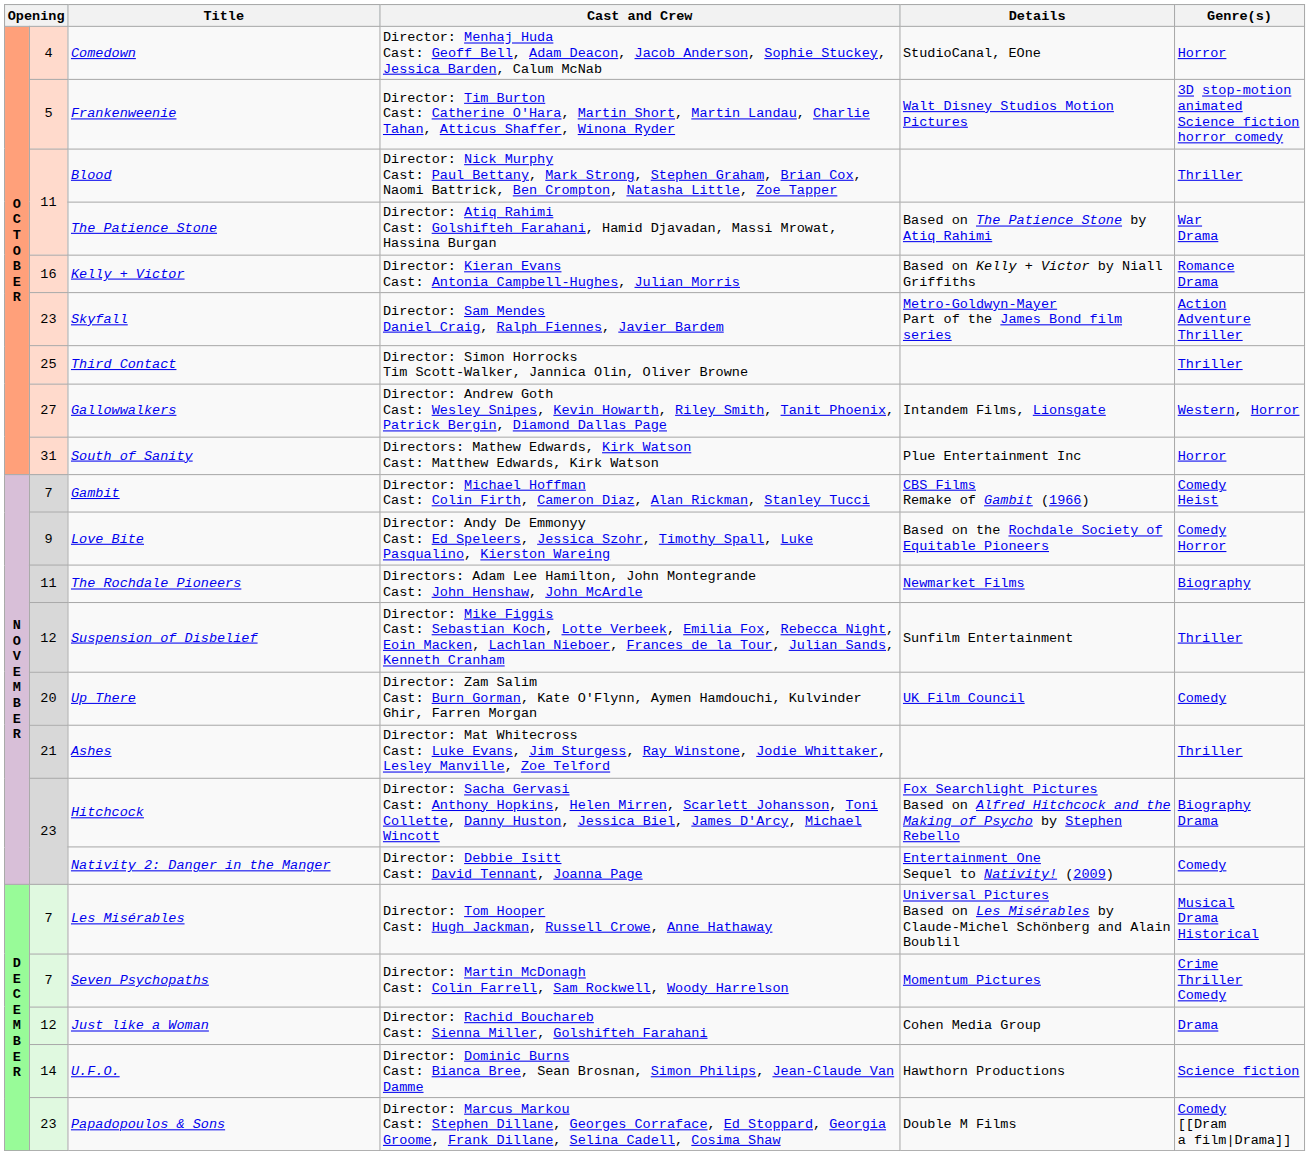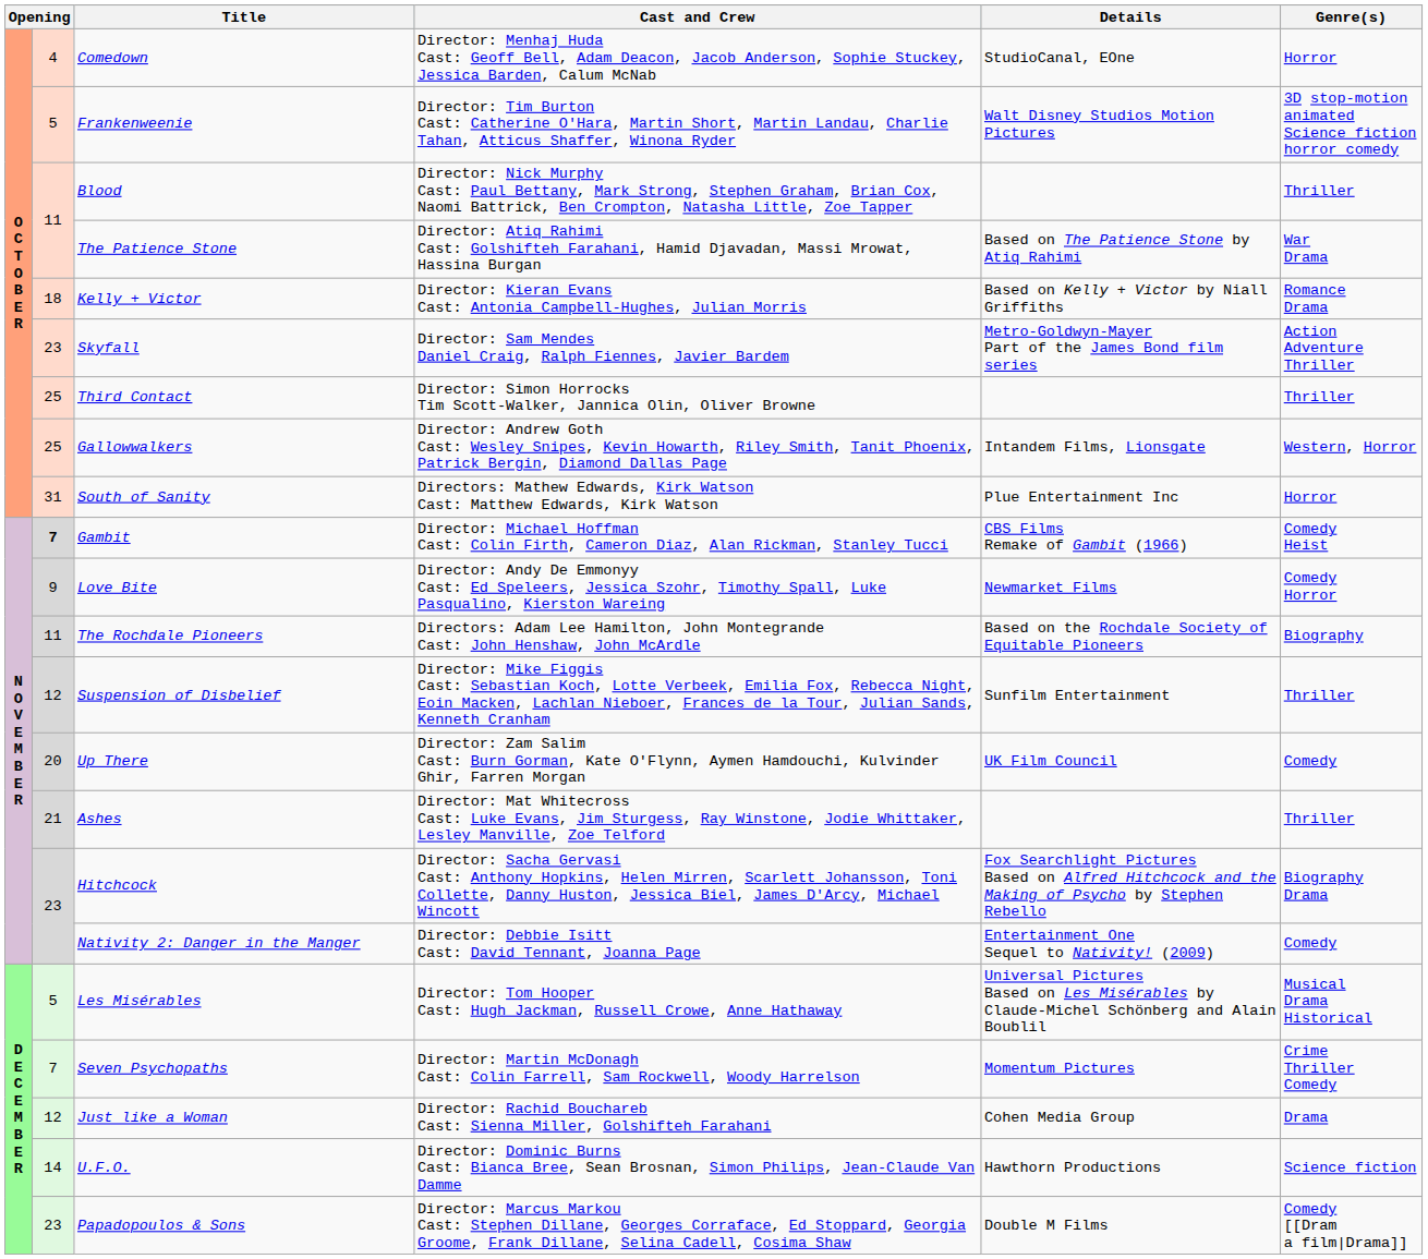 <table class="wikitable sortable plainrowheaders">
 <tr style="background:#b0e0e6; text-align:center;">
 <th colspan="2">Opening</th>
 <th style="width:24%;">Title</th>
 <th style="width:40%;">Cast and Crew</th>
 <th>Details</th>
 <th style="width:10%;">Genre(s)</th>
 </tr>
 <tr>
 <th rowspan="9" style="text-align:center; background:#ffa07a; textcolor:#000;">O <br>C <br>T <br>O <br>B <br>E <br>R</th>
 <td style="text-align:center; background:#ffdacc;">4</td>
 <td><em><a href='#'>Comedown</a></em></td>
 <td>Director: <a href='#'>Menhaj Huda</a>  <br> Cast: <a href='#'>Geoff Bell</a>, <a href='#'>Adam Deacon</a>, <a href='#'>Jacob Anderson</a>, <a href='#'>Sophie Stuckey</a>, <a href='#'>Jessica Barden</a>, Calum McNab</td>
 <td>StudioCanal, EOne</td>
 <td><a href='#'>Horror</a></td>
 </tr>
 <tr>
 <td style="text-align:center; background:#ffdacc;">5</td>
 <td><em><a href='#'>Frankenweenie</a></em></td>
 <td>Director: <a href='#'>Tim Burton</a>  <br> Cast: <a href='#'>Catherine O'Hara</a>, <a href='#'>Martin Short</a>, <a href='#'>Martin Landau</a>, <a href='#'>Charlie Tahan</a>, <a href='#'>Atticus Shaffer</a>, <a href='#'>Winona Ryder</a></td>
 <td><a href='#'>Walt Disney Studios Motion Pictures</a></td>
 <td><a href='#'>3D</a> <a href='#'>stop-motion animated</a> <a href='#'>Science fiction</a> <a href='#'>horror comedy</a></td>
 </tr>
 <tr>
 <td rowspan="2" style="text-align:center; background:#ffdacc;">11</td>
 <td><em><a href='#'>Blood</a></em></td>
 <td>Director: <a href='#'>Nick Murphy</a>  <br> Cast: <a href='#'>Paul Bettany</a>, <a href='#'>Mark Strong</a>, <a href='#'>Stephen Graham</a>, <a href='#'>Brian Cox</a>, Naomi Battrick, <a href='#'>Ben Crompton</a>, <a href='#'>Natasha Little</a>, <a href='#'>Zoe Tapper</a></td>
 <td></td>
 <td><a href='#'>Thriller</a></td>
 </tr>
 <tr>
 <td><em><a href='#'>The Patience Stone</a></em></td>
 <td>Director: <a href='#'>Atiq Rahimi</a>  <br> Cast: <a href='#'>Golshifteh Farahani</a>, Hamid Djavadan, Massi Mrowat, Hassina Burgan</td>
 <td>Based on <em><a href='#'>The Patience Stone</a></em> by <a href='#'>Atiq Rahimi</a></td>
 <td><a href='#'>War</a>  <br> <a href='#'>Drama</a></td>
 </tr>
 <tr>
-<td style="text-align:center; background:#ffdacc;">16</td>
+<td style="text-align:center; background:#ffdacc;">18</td>
 <td><em><a href='#'>Kelly + Victor</a></em></td>
 <td>Director: <a href='#'>Kieran Evans</a>  <br> Cast: <a href='#'>Antonia Campbell-Hughes</a>, <a href='#'>Julian Morris</a></td>
 <td>Based on <em>Kelly + Victor</em> by Niall Griffiths</td>
 <td><a href='#'>Romance</a>  <br> <a href='#'>Drama</a></td>
 </tr>
 <tr>
 <td style="text-align:center; background:#ffdacc;">23</td>
 <td><em><a href='#'>Skyfall</a></em></td>
 <td>Director: <a href='#'>Sam Mendes</a>  <br> <a href='#'>Daniel Craig</a>, <a href='#'>Ralph Fiennes</a>, <a href='#'>Javier Bardem</a></td>
 <td><a href='#'>Metro-Goldwyn-Mayer</a>  <br> Part of the <a href='#'>James Bond film series</a></td>
 <td><a href='#'>Action</a>  <br> <a href='#'>Adventure</a>  <br> <a href='#'>Thriller</a></td>
 </tr>
 <tr>
 <td style="text-align:center; background:#ffdacc;">25</td>
 <td><em><a href='#'>Third Contact</a></em></td>
 <td>Director: Simon Horrocks  <br> Tim Scott-Walker, Jannica Olin, Oliver Browne</td>
 <td></td>
 <td><a href='#'>Thriller</a></td>
 </tr>
 <tr>
-<td style="text-align:center; background:#ffdacc;">27</td>
+<td style="text-align:center; background:#ffdacc;">25</td>
 <td><em><a href='#'>Gallowwalkers</a></em></td>
 <td>Director: Andrew Goth  <br> Cast: <a href='#'>Wesley Snipes</a>, <a href='#'>Kevin Howarth</a>, <a href='#'>Riley Smith</a>, <a href='#'>Tanit Phoenix</a>, <a href='#'>Patrick Bergin</a>, <a href='#'>Diamond Dallas Page</a></td>
 <td>Intandem Films, <a href='#'>Lionsgate</a></td>
 <td><a href='#'>Western</a>, <a href='#'>Horror</a></td>
 </tr>
 <tr>
 <td style="text-align:center; background:#ffdacc;">31</td>
 <td><em><a href='#'>South of Sanity</a></em></td>
 <td>Directors: Mathew Edwards, <a href='#'>Kirk Watson</a>  <br> Cast: Matthew Edwards, Kirk Watson</td>
 <td>Plue Entertainment Inc</td>
 <td><a href='#'>Horror</a></td>
 </tr>
 <tr>
 <th rowspan="8" style="text-align:center; background:thistle; textcolor:#000;">N <br>O <br>V <br>E <br>M <br>B <br>E <br>R</th>
-<td style="text-align:center; background:#d8d8d8;">7</td>
+<td style="text-align:center; background:#d8d8d8;"><strong>7</strong></td>
 <td><em><a href='#'>Gambit</a></em></td>
 <td>Director: <a href='#'>Michael Hoffman</a>  <br> Cast: <a href='#'>Colin Firth</a>, <a href='#'>Cameron Diaz</a>, <a href='#'>Alan Rickman</a>, <a href='#'>Stanley Tucci</a></td>
 <td><a href='#'>CBS Films</a>  <br> Remake of <em><a href='#'>Gambit</a></em> (<a href='#'>1966</a>)</td>
 <td><a href='#'>Comedy</a>  <br> <a href='#'>Heist</a></td>
 </tr>
 <tr>
 <td style="text-align:center; background:#d8d8d8;">9</td>
 <td><em><a href='#'>Love Bite</a></em></td>
 <td>Director: Andy De Emmonyy  <br> Cast: <a href='#'>Ed Speleers</a>, <a href='#'>Jessica Szohr</a>, <a href='#'>Timothy Spall</a>, <a href='#'>Luke Pasqualino</a>, <a href='#'>Kierston Wareing</a></td>
-<td>Based on the <a href='#'>Rochdale Society of Equitable Pioneers</a></td>
+<td><a href='#'>Newmarket Films</a></td>
 <td><a href='#'>Comedy</a>  <br> <a href='#'>Horror</a></td>
 </tr>
 <tr>
 <td style="text-align:center; background:#d8d8d8;">11</td>
 <td><em><a href='#'>The Rochdale Pioneers</a></em></td>
 <td>Directors: Adam Lee Hamilton, John Montegrande  <br> Cast: <a href='#'>John Henshaw</a>, <a href='#'>John McArdle</a></td>
-<td><a href='#'>Newmarket Films</a></td>
+<td>Based on the <a href='#'>Rochdale Society of Equitable Pioneers</a></td>
 <td><a href='#'>Biography</a></td>
 </tr>
 <tr>
 <td style="text-align:center; background:#d8d8d8;">12</td>
 <td><em><a href='#'>Suspension of Disbelief</a></em></td>
 <td>Director: <a href='#'>Mike Figgis</a>  <br> Cast: <a href='#'>Sebastian Koch</a>, <a href='#'>Lotte Verbeek</a>, <a href='#'>Emilia Fox</a>, <a href='#'>Rebecca Night</a>, <a href='#'>Eoin Macken</a>, <a href='#'>Lachlan Nieboer</a>, <a href='#'>Frances de la Tour</a>, <a href='#'>Julian Sands</a>, <a href='#'>Kenneth Cranham</a></td>
 <td>Sunfilm Entertainment</td>
 <td><a href='#'>Thriller</a></td>
 </tr>
 <tr>
 <td style="text-align:center; background:#d8d8d8;">20</td>
 <td><em><a href='#'>Up There</a></em></td>
 <td>Director: Zam Salim  <br> Cast: <a href='#'>Burn Gorman</a>, Kate O'Flynn, Aymen Hamdouchi, Kulvinder Ghir, Farren Morgan</td>
 <td><a href='#'>UK Film Council</a></td>
 <td><a href='#'>Comedy</a></td>
 </tr>
 <tr>
 <td style="text-align:center; background:#d8d8d8;">21</td>
 <td><em><a href='#'>Ashes</a></em></td>
 <td>Director: Mat Whitecross  <br> Cast: <a href='#'>Luke Evans</a>, <a href='#'>Jim Sturgess</a>, <a href='#'>Ray Winstone</a>, <a href='#'>Jodie Whittaker</a>, <a href='#'>Lesley Manville</a>, <a href='#'>Zoe Telford</a></td>
 <td></td>
 <td><a href='#'>Thriller</a></td>
 </tr>
 <tr>
 <td rowspan="2" style="text-align:center; background:#d8d8d8;">23</td>
 <td><em><a href='#'>Hitchcock</a></em></td>
 <td>Director: <a href='#'>Sacha Gervasi</a>  <br> Cast: <a href='#'>Anthony Hopkins</a>, <a href='#'>Helen Mirren</a>, <a href='#'>Scarlett Johansson</a>, <a href='#'>Toni Collette</a>, <a href='#'>Danny Huston</a>, <a href='#'>Jessica Biel</a>, <a href='#'>James D'Arcy</a>, <a href='#'>Michael Wincott</a></td>
 <td><a href='#'>Fox Searchlight Pictures</a>  <br> Based on <em><a href='#'>Alfred Hitchcock and the Making of Psycho</a></em> by <a href='#'>Stephen Rebello</a></td>
 <td><a href='#'>Biography</a>  <br> <a href='#'>Drama</a></td>
 </tr>
 <tr>
 <td><em><a href='#'>Nativity 2: Danger in the Manger</a></em></td>
 <td>Director: <a href='#'>Debbie Isitt</a>  <br> Cast: <a href='#'>David Tennant</a>, <a href='#'>Joanna Page</a></td>
 <td><a href='#'>Entertainment One</a>  <br> Sequel to <em><a href='#'>Nativity!</a></em> (<a href='#'>2009</a>)</td>
 <td><a href='#'>Comedy</a></td>
 </tr>
 <tr>
 <th rowspan="5" style="text-align:center; background:#98fb98; textcolor:#000;">D <br>E <br>C <br>E <br>M <br>B <br>E <br>R</th>
-<td style="text-align:center; background:#e0f9e0;">7</td>
+<td style="text-align:center; background:#e0f9e0;">5</td>
 <td><em><a href='#'>Les Misérables</a></em></td>
 <td>Director: <a href='#'>Tom Hooper</a>  <br> Cast: <a href='#'>Hugh Jackman</a>, <a href='#'>Russell Crowe</a>, <a href='#'>Anne Hathaway</a></td>
 <td><a href='#'>Universal Pictures</a>  <br> Based on <em><a href='#'>Les Misérables</a></em> by Claude-Michel Schönberg and Alain Boublil</td>
 <td><a href='#'>Musical</a>  <br> <a href='#'>Drama</a>  <br> <a href='#'>Historical</a></td>
 </tr>
 <tr>
 <td style="text-align:center; background:#e0f9e0;">7</td>
 <td><em><a href='#'>Seven Psychopaths</a></em></td>
 <td>Director: <a href='#'>Martin McDonagh</a>  <br> Cast: <a href='#'>Colin Farrell</a>, <a href='#'>Sam Rockwell</a>, <a href='#'>Woody Harrelson</a></td>
 <td><a href='#'>Momentum Pictures</a></td>
 <td><a href='#'>Crime</a>  <br> <a href='#'>Thriller</a>  <br> <a href='#'>Comedy</a></td>
 </tr>
 <tr>
 <td style="text-align:center; background:#e0f9e0;">12</td>
 <td><em><a href='#'>Just like a Woman</a></em></td>
 <td>Director: <a href='#'>Rachid Bouchareb</a>  <br> Cast: <a href='#'>Sienna Miller</a>, <a href='#'>Golshifteh Farahani</a></td>
 <td>Cohen Media Group</td>
 <td><a href='#'>Drama</a></td>
 </tr>
 <tr>
 <td style="text-align:center; background:#e0f9e0;">14</td>
 <td><em><a href='#'>U.F.O.</a></em></td>
 <td>Director: <a href='#'>Dominic Burns</a>  <br> Cast: <a href='#'>Bianca Bree</a>, Sean Brosnan, <a href='#'>Simon Philips</a>, <a href='#'>Jean-Claude Van Damme</a></td>
 <td>Hawthorn Productions</td>
 <td><a href='#'>Science fiction</a></td>
 </tr>
 <tr>
 <td style="text-align:center; background:#e0f9e0;">23</td>
 <td><em><a href='#'>Papadopoulos & Sons</a></em></td>
 <td>Director: <a href='#'>Marcus Markou</a>  <br> Cast: <a href='#'>Stephen Dillane</a>, <a href='#'>Georges Corraface</a>, <a href='#'>Ed Stoppard</a>, <a href='#'>Georgia Groome</a>, <a href='#'>Frank Dillane</a>, <a href='#'>Selina Cadell</a>, <a href='#'>Cosima Shaw</a></td>
 <td>Double M Films</td>
 <td><a href='#'>Comedy</a>  <br> [[Dram<br>a film|Drama]]</td>
 </tr>
 </table>
